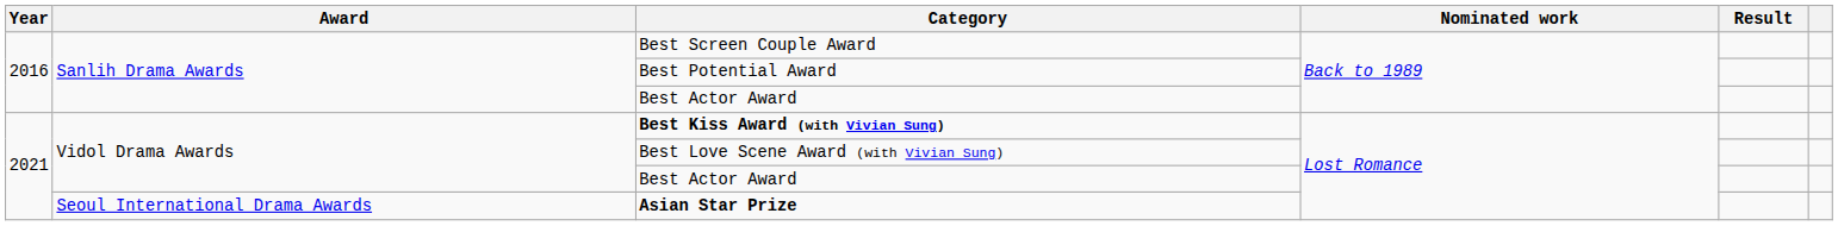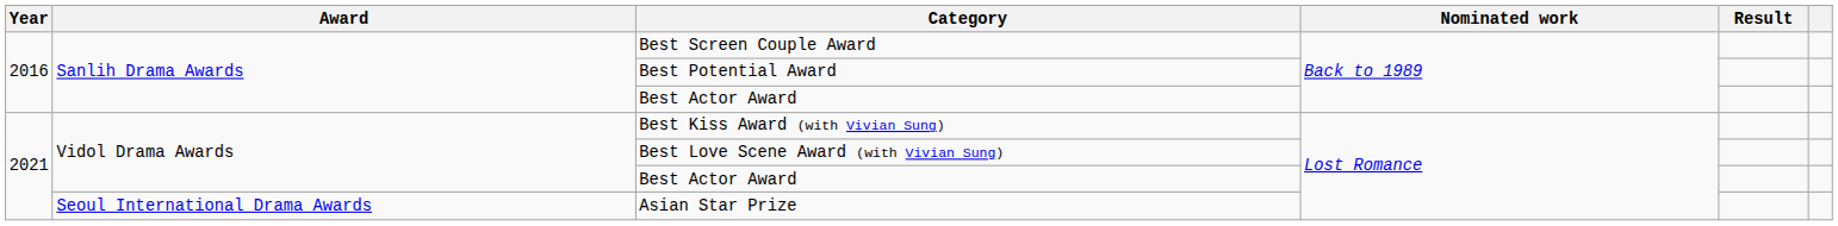 <table class="wikitable sortable">
 <tr>
 <th scope="col" style="width:1em;">Year</th>
 <th scope="col" style="width:35em;">Award</th>
 <th scope="col" style="width:40em;">Category</th>
 <th scope="col" style="width:25em;">Nominated work</th>
 <th scope="col" style="width:5em;">Result</th>
 <th scope="col" style="width:1em;"class="unsortable"></th>
 </tr>
 <tr>
 <td rowspan="3">2016</td>
 <td rowspan="3"><a href='#'>Sanlih Drama Awards</a></td>
 <td>Best Screen Couple Award</td>
 <td rowspan="3"><em><a href='#'>Back to 1989</a></em></td>
 <td></td>
 <td></td>
 </tr>
 <tr>
 <td>Best Potential Award</td>
 <td></td>
 <td></td>
 </tr>
 <tr>
 <td>Best Actor Award</td>
 <td></td>
 <td></td>
 </tr>
 <tr>
 <td rowspan="4">2021</td>
 <td rowspan="3">Vidol Drama Awards</td>
-<td><strong>Best Kiss Award <small>(with <a href='#'>Vivian Sung</a>)</small></strong></td>
+<td>Best Kiss Award <small>(with <a href='#'>Vivian Sung</a>)</small></td>
 <td rowspan="4"><em><a href='#'>Lost Romance</a></em></td>
 <td></td>
 <td></td>
 </tr>
 <tr>
 <td>Best Love Scene Award <small>(with <a href='#'>Vivian Sung</a>)</small></td>
 <td></td>
 <td></td>
 </tr>
 <tr>
 <td>Best Actor Award</td>
 <td></td>
 <td></td>
 </tr>
 <tr>
 <td><a href='#'>Seoul International Drama Awards</a></td>
-<td><strong>Asian Star Prize</strong></td>
+<td>Asian Star Prize</td>
 <td></td>
 <td style="text-align: center;"></td>
 </tr>
 </table>
